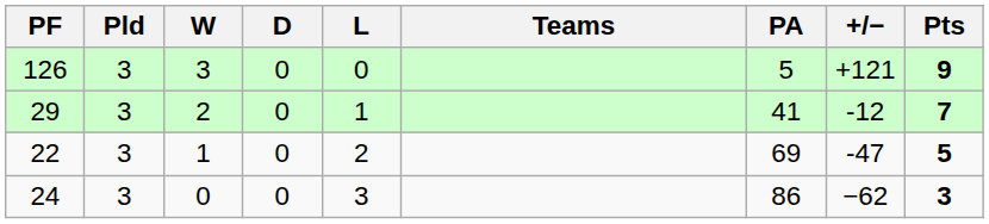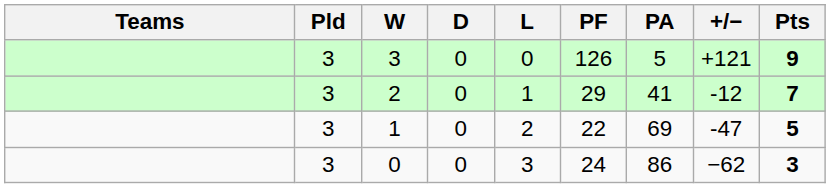 <table class="wikitable" style="text-align: center;">
 <tr>
-<th width="40">PF</th>
+<th width="200">Teams</th>
 <th width="40">Pld</th>
 <th width="40">W</th>
 <th width="40">D</th>
 <th width="40">L</th>
-<th width="200">Teams</th>
+<th width="40">PF</th>
 <th width="40">PA</th>
 <th width="40">+/−</th>
 <th width="40">Pts</th>
 </tr>
 <tr style="background:#cfc; width:20px;">
-<td>126</td>
+<td align=left></td>
 <td>3</td>
 <td>3</td>
 <td>0</td>
 <td>0</td>
-<td align=left></td>
+<td>126</td>
 <td>5</td>
 <td>+121</td>
 <td><strong>9</strong></td>
 </tr>
 <tr style="background:#cfc; width:20px;">
-<td>29</td>
+<td align=left></td>
 <td>3</td>
 <td>2</td>
 <td>0</td>
 <td>1</td>
-<td align=left></td>
+<td>29</td>
 <td>41</td>
 <td>-12</td>
 <td><strong>7</strong></td>
 </tr>
 <tr>
-<td>22</td>
+<td align=left></td>
 <td>3</td>
 <td>1</td>
 <td>0</td>
 <td>2</td>
-<td align=left></td>
+<td>22</td>
 <td>69</td>
 <td>-47</td>
 <td><strong>5</strong></td>
 </tr>
 <tr>
-<td>24</td>
+<td align=left></td>
 <td>3</td>
 <td>0</td>
 <td>0</td>
 <td>3</td>
-<td align=left></td>
+<td>24</td>
 <td>86</td>
 <td>−62</td>
 <td><strong>3</strong></td>
 </tr>
 </table>
